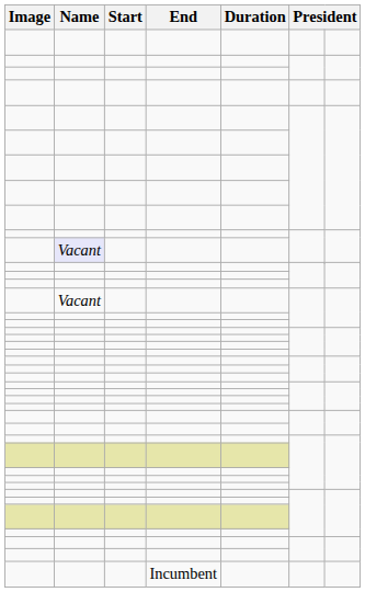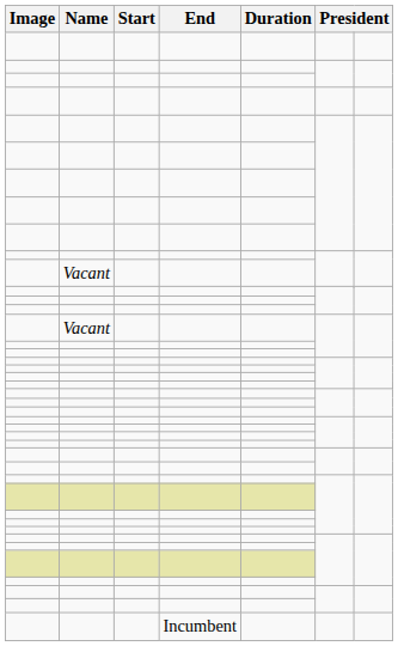 <table class="wikitable sortable">
 <tr>
 <th class=unsortable>Image</th>
 <th>Name</th>
 <th>Start</th>
 <th>End</th>
 <th>Duration</th>
 <th colspan=2>President</th>
 </tr>
 <tr>
 <td></td>
 <td></td>
 <td></td>
 <td></td>
 <td></td>
 <td style="background: "></td>
 <td><br></td>
 </tr>
 <tr>
 <td></td>
 <td></td>
 <td></td>
 <td></td>
 <td></td>
 <td rowspan=2 style="background: "></td>
 <td rowspan=2><br></td>
 </tr>
 <tr>
 <td></td>
 <td></td>
 <td></td>
 <td></td>
 <td></td>
 </tr>
 <tr>
 <td></td>
 <td><br></td>
 <td></td>
 <td></td>
 <td></td>
 <td style="background: "></td>
 <td><br></td>
 </tr>
 <tr>
 <td></td>
 <td><br></td>
 <td></td>
 <td></td>
 <td></td>
 <td rowspan=5 style="background: "></td>
 <td rowspan=5><br></td>
 </tr>
 <tr>
 <td></td>
 <td><br></td>
 <td></td>
 <td></td>
 <td></td>
 </tr>
 <tr>
 <td></td>
 <td><br></td>
 <td></td>
 <td></td>
 <td></td>
 </tr>
 <tr>
 <td></td>
 <td><br></td>
 <td></td>
 <td></td>
 <td></td>
 </tr>
 <tr>
 <td></td>
 <td><br></td>
 <td></td>
 <td></td>
 <td></td>
 </tr>
 <tr>
 <td></td>
 <td></td>
 <td></td>
 <td></td>
 <td></td>
 <td rowspan=3 style="background: "></td>
 <td rowspan=3><br></td>
 </tr>
 <tr>
 <td></td>
-<td style="background: lavender;"><em>Vacant</em></td>
+<td><em>Vacant</em></td>
 <td></td>
 <td></td>
 <td></td>
 </tr>
 <tr>
 <td rowspan=2></td>
 <td rowspan=2></td>
 <td rowspan=2></td>
 <td rowspan=2></td>
 <td rowspan=2></td>
 </tr>
 <tr>
 <td rowspan=3 style="background: "></td>
 <td rowspan=3><br></td>
 </tr>
 <tr>
 <td></td>
 <td></td>
 <td></td>
 <td></td>
 <td></td>
 </tr>
 <tr>
 <td></td>
 <td></td>
 <td></td>
 <td></td>
 <td></td>
 </tr>
 <tr>
 <td></td>
 <td><em>Vacant</em></td>
 <td></td>
 <td></td>
 <td></td>
 <td rowspan=3 style="background: "></td>
 <td rowspan=3><br></td>
 </tr>
 <tr>
 <td></td>
 <td></td>
 <td></td>
 <td></td>
 <td></td>
 </tr>
 <tr>
 <td></td>
 <td></td>
 <td></td>
 <td></td>
 <td></td>
 </tr>
 <tr>
 <td></td>
 <td></td>
 <td></td>
 <td></td>
 <td></td>
 <td rowspan=4 style="background: "></td>
 <td rowspan=4><br></td>
 </tr>
 <tr>
 <td></td>
 <td></td>
 <td></td>
 <td></td>
 <td></td>
 </tr>
 <tr>
 <td></td>
 <td></td>
 <td></td>
 <td></td>
 <td></td>
 </tr>
 <tr>
 <td></td>
 <td></td>
 <td></td>
 <td></td>
 <td></td>
 </tr>
 <tr>
 <td></td>
 <td></td>
 <td></td>
 <td></td>
 <td></td>
 <td rowspan=3 style="background: "></td>
 <td rowspan=3><br></td>
 </tr>
 <tr>
 <td></td>
 <td></td>
 <td></td>
 <td></td>
 <td></td>
 </tr>
 <tr>
 <td></td>
 <td></td>
 <td></td>
 <td></td>
 <td></td>
 </tr>
 <tr>
 <td></td>
 <td></td>
 <td></td>
 <td></td>
 <td></td>
 <td rowspan=4 style="background: "></td>
 <td rowspan=4><br></td>
 </tr>
 <tr>
 <td></td>
 <td></td>
 <td></td>
 <td></td>
 <td></td>
 </tr>
 <tr>
 <td></td>
 <td></td>
 <td></td>
 <td></td>
 <td></td>
 </tr>
 <tr>
 <td></td>
 <td></td>
 <td></td>
 <td></td>
 <td></td>
 </tr>
 <tr>
 <td></td>
 <td></td>
 <td></td>
 <td></td>
 <td></td>
 <td rowspan=2 style="background: "></td>
 <td rowspan=2><br></td>
 </tr>
 <tr>
 <td></td>
 <td></td>
 <td></td>
 <td></td>
 <td></td>
 </tr>
 <tr>
 <td></td>
 <td></td>
 <td></td>
 <td></td>
 <td></td>
 <td rowspan=5 style="background: "></td>
 <td rowspan=5><br></td>
 </tr>
 <tr bgcolor="#e6e6aa">
 <td></td>
 <td><br></td>
 <td></td>
 <td></td>
 <td></td>
 </tr>
 <tr>
 <td></td>
 <td></td>
 <td></td>
 <td></td>
 <td></td>
 </tr>
 <tr>
 <td></td>
 <td></td>
 <td></td>
 <td></td>
 <td></td>
 </tr>
 <tr>
 <td></td>
 <td></td>
 <td></td>
 <td></td>
 <td></td>
 </tr>
 <tr>
 <td></td>
 <td></td>
 <td></td>
 <td></td>
 <td></td>
 <td rowspan=4 style="background: "></td>
 <td rowspan=4><br></td>
 </tr>
 <tr>
 <td></td>
 <td></td>
 <td></td>
 <td></td>
 <td></td>
 </tr>
 <tr bgcolor="#e6e6aa">
 <td></td>
 <td><br></td>
 <td></td>
 <td></td>
 <td></td>
 </tr>
 <tr>
 <td></td>
 <td></td>
 <td></td>
 <td></td>
 <td></td>
 </tr>
 <tr>
 <td></td>
 <td></td>
 <td></td>
 <td></td>
 <td></td>
 <td rowspan=2 style="background: "></td>
 <td rowspan=2><br></td>
 </tr>
 <tr>
 <td></td>
 <td></td>
 <td></td>
 <td></td>
 <td></td>
 </tr>
 <tr>
 <td></td>
 <td></td>
 <td></td>
 <td>Incumbent</td>
 <td></td>
 <td style="background: "></td>
 <td><br></td>
 </tr>
 </table>
